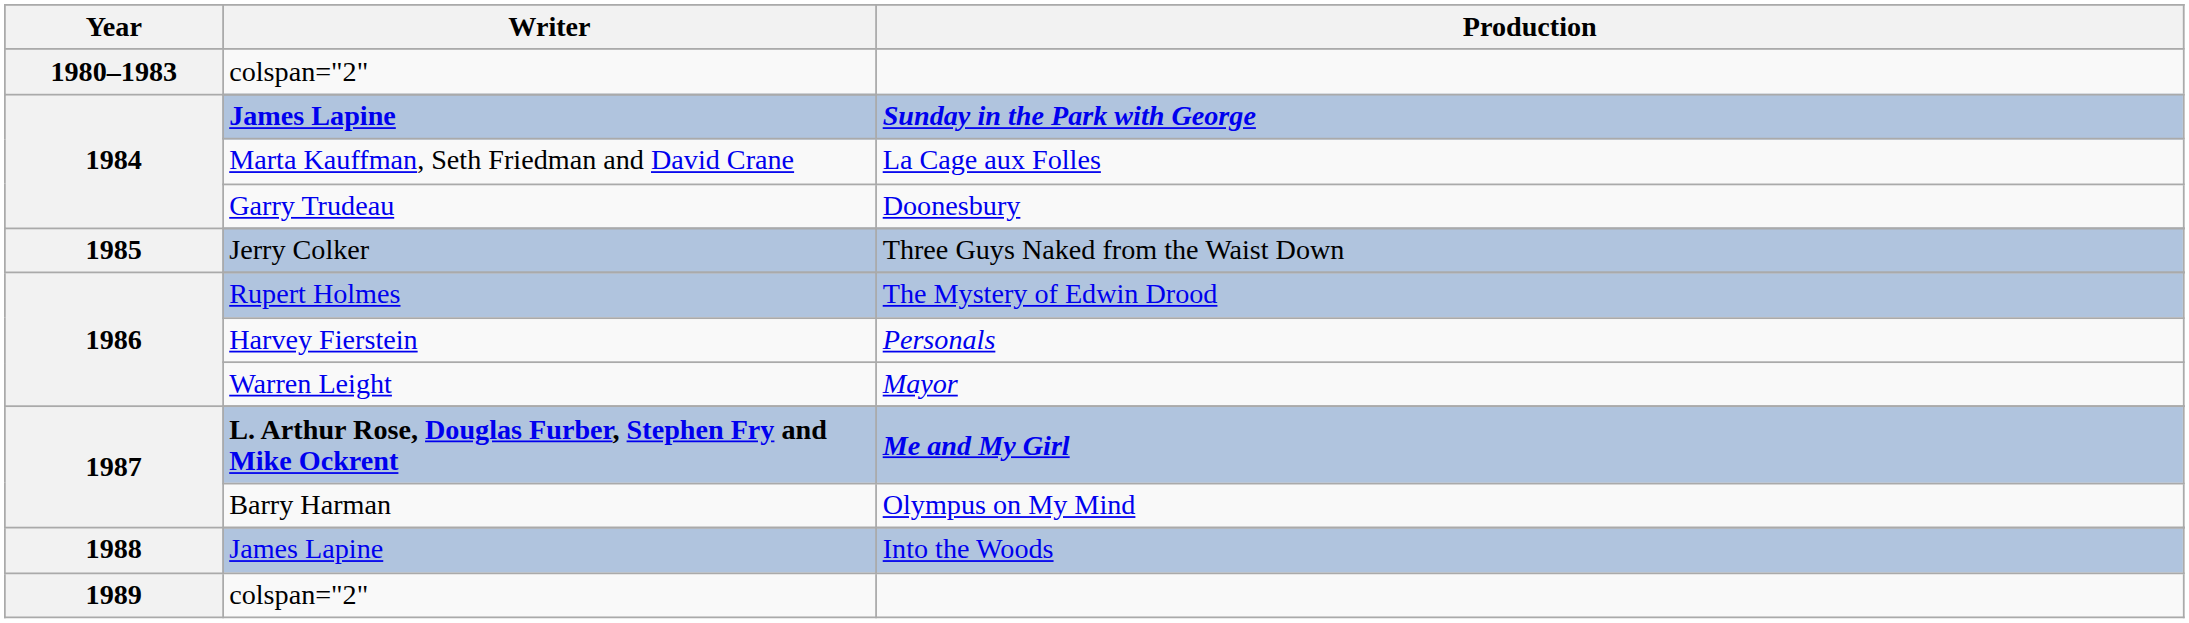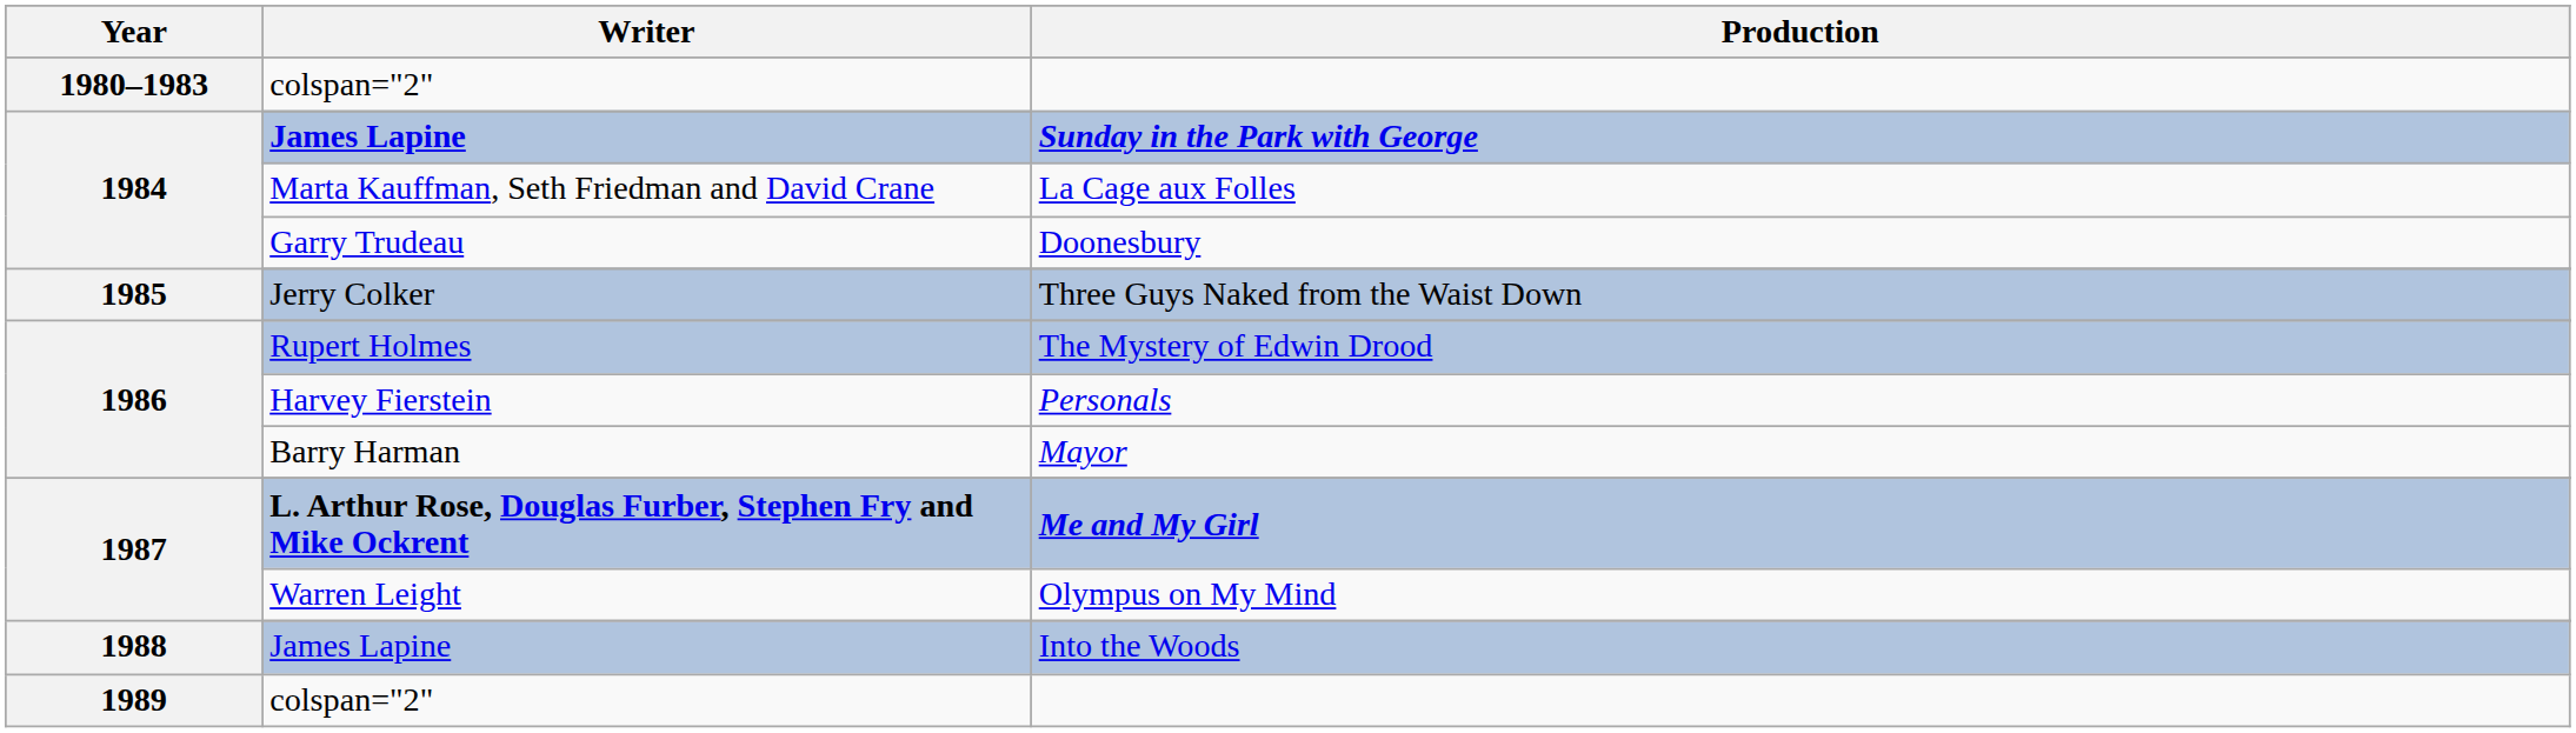 <table class="wikitable" style="width:98%;">
 <tr style="background:#bebebe;">
 <th style="width:10%;">Year</th>
 <th style="width:30%;">Writer</th>
 <th style="width:60%;">Production</th>
 </tr>
 <tr>
 <th align="center">1980–1983</th>
 <td>colspan="2" </td>
 </tr>
 <tr>
 <th rowspan="4" align="center">1984</th>
 </tr>
 <tr style="background:#B0C4DE">
 <td><strong><a href='#'>James Lapine</a></strong></td>
 <td><strong><em><a href='#'>Sunday in the Park with George</a><em> <strong></td>
 </tr>
 <tr>
 <td><a href='#'>Marta Kauffman</a>, Seth Friedman and <a href='#'>David Crane</a></td>
 <td></em><a href='#'>La Cage aux Folles</a><em></td>
 </tr>
 <tr>
 <td><a href='#'>Garry Trudeau</a></td>
 <td></em><a href='#'>Doonesbury</a><em></td>
 </tr>
 <tr>
 <th rowspan="2" align="center">1985</th>
 </tr>
 <tr style="background:#B0C4DE">
 <td></strong>Jerry Colker<strong></td>
 <td></em></strong>Three Guys Naked from the Waist Down<strong><em></td>
 </tr>
 <tr>
 <th rowspan="4" align="center">1986</th>
 </tr>
 <tr style="background:#B0C4DE">
 <td></strong><a href='#'>Rupert Holmes</a><strong></td>
 <td></em></strong><a href='#'>The Mystery of Edwin Drood</a></em> </strong></td>
 </tr>
 <tr>
 <td><a href='#'>Harvey Fierstein</a></td>
 <td><em><a href='#'>Personals</a></em></td>
 </tr>
 <tr>
-<td><a href='#'>Warren Leight</a></td>
+<td>Barry Harman</td>
 <td><em><a href='#'>Mayor</a></em></td>
 </tr>
 <tr>
 <th rowspan="3" align="center">1987</th>
 </tr>
 <tr style="background:#B0C4DE">
 <td><strong>L. Arthur Rose, <a href='#'>Douglas Furber</a>, <a href='#'>Stephen Fry</a> and <a href='#'>Mike Ockrent</a></strong></td>
 <td><strong><em><a href='#'>Me and My Girl</a><em> <strong></td>
 </tr>
 <tr>
-<td>Barry Harman</td>
+<td><a href='#'>Warren Leight</a></td>
 <td></em><a href='#'>Olympus on My Mind</a><em></td>
 </tr>
 <tr>
 <th rowspan="2" align="center">1988</th>
 </tr>
 <tr style="background:#B0C4DE">
 <td></strong><a href='#'>James Lapine</a><strong></td>
 <td></em></strong><a href='#'>Into the Woods</a></em> </strong></td>
 </tr>
 <tr>
 <th align="center">1989</th>
 <td>colspan="2" </td>
 </tr>
 </table>
